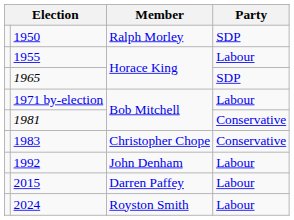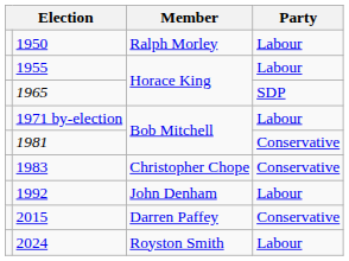 <table class="wikitable">
 <tr>
 <th colspan="2">Election</th>
 <th>Member</th>
 <th>Party</th>
 </tr>
 <tr>
 <td style="color:inherit;background-color: "></td>
 <td><a href='#'>1950</a></td>
 <td><a href='#'>Ralph Morley</a></td>
-<td><a href='#'>SDP</a></td>
+<td><a href='#'>Labour</a></td>
 </tr>
 <tr>
 <td style="color:inherit;background-color: "></td>
 <td><a href='#'>1955</a></td>
 <td rowspan="2"><a href='#'>Horace King</a></td>
 <td><a href='#'>Labour</a></td>
 </tr>
 <tr>
 <td style="color:inherit;background-color: "></td>
 <td><em>1965</em></td>
 <td><a href='#'>SDP</a></td>
 </tr>
 <tr>
 <td style="color:inherit;background-color: "></td>
 <td><a href='#'>1971 by-election</a></td>
 <td rowspan="2"><a href='#'>Bob Mitchell</a></td>
 <td><a href='#'>Labour</a></td>
 </tr>
 <tr>
 <td style="color:inherit;background-color: "></td>
 <td><em>1981</em></td>
 <td><a href='#'>Conservative</a></td>
 </tr>
 <tr>
 <td style="color:inherit;background-color: "></td>
 <td><a href='#'>1983</a></td>
 <td><a href='#'>Christopher Chope</a></td>
 <td><a href='#'>Conservative</a></td>
 </tr>
 <tr>
 <td style="color:inherit;background-color: "></td>
 <td><a href='#'>1992</a></td>
 <td><a href='#'>John Denham</a></td>
 <td><a href='#'>Labour</a></td>
 </tr>
 <tr>
 <td style="color:inherit;background-color: "></td>
 <td><a href='#'>2015</a></td>
 <td><a href='#'>Darren Paffey</a></td>
-<td><a href='#'>Labour</a></td>
+<td><a href='#'>Conservative</a></td>
 </tr>
 <tr>
 <td style="color:inherit;background-color: "></td>
 <td><a href='#'>2024</a></td>
 <td><a href='#'>Royston Smith</a></td>
 <td><a href='#'>Labour</a></td>
 </tr>
 </table>
